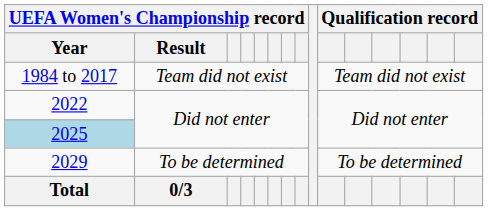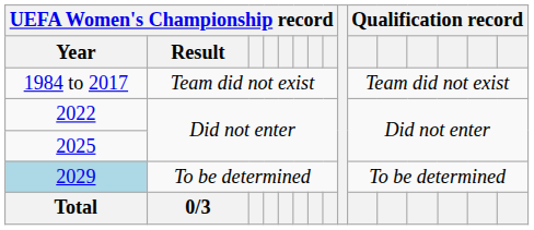 <table class="wikitable" style="text-align: center;">
 <tr>
 <th colspan=8><a href='#'>UEFA Women's Championship</a> record</th>
 <th rowspan=100></th>
 <th colspan=6>Qualification record</th>
 </tr>
 <tr>
 <th>Year</th>
 <th>Result<br></th>
 <th></th>
 <th></th>
 <th></th>
 <th></th>
 <th></th>
 <th><br></th>
 <th></th>
 <th></th>
 <th></th>
 <th></th>
 <th></th>
 <th></th>
 </tr>
 <tr>
 <td> <a href='#'>1984</a> to  <a href='#'>2017</a></td>
 <td colspan=7><em>Team did not exist</em></td>
 <td colspan=6><em>Team did not exist</em></td>
 </tr>
 <tr>
 <td> <a href='#'>2022</a></td>
 <td colspan=7 rowspan=2><em>Did not enter</em></td>
 <td colspan=6 rowspan=2><em>Did not enter</em></td>
 </tr>
 <tr>
-<td style="background: lightblue;"> <a href='#'>2025</a></td>
+<td> <a href='#'>2025</a></td>
 </tr>
 <tr>
-<td><a href='#'>2029</a></td>
+<td style="background: lightblue;"><a href='#'>2029</a></td>
 <td colspan=7><em>To be determined</em></td>
 <td colspan=6><em>To be determined</em></td>
 </tr>
 <tr>
 <th>Total</th>
 <th>0/3</th>
 <th></th>
 <th></th>
 <th></th>
 <th></th>
 <th></th>
 <th><br></th>
 <th></th>
 <th></th>
 <th></th>
 <th></th>
 <th></th>
 <th></th>
 </tr>
 </table>
